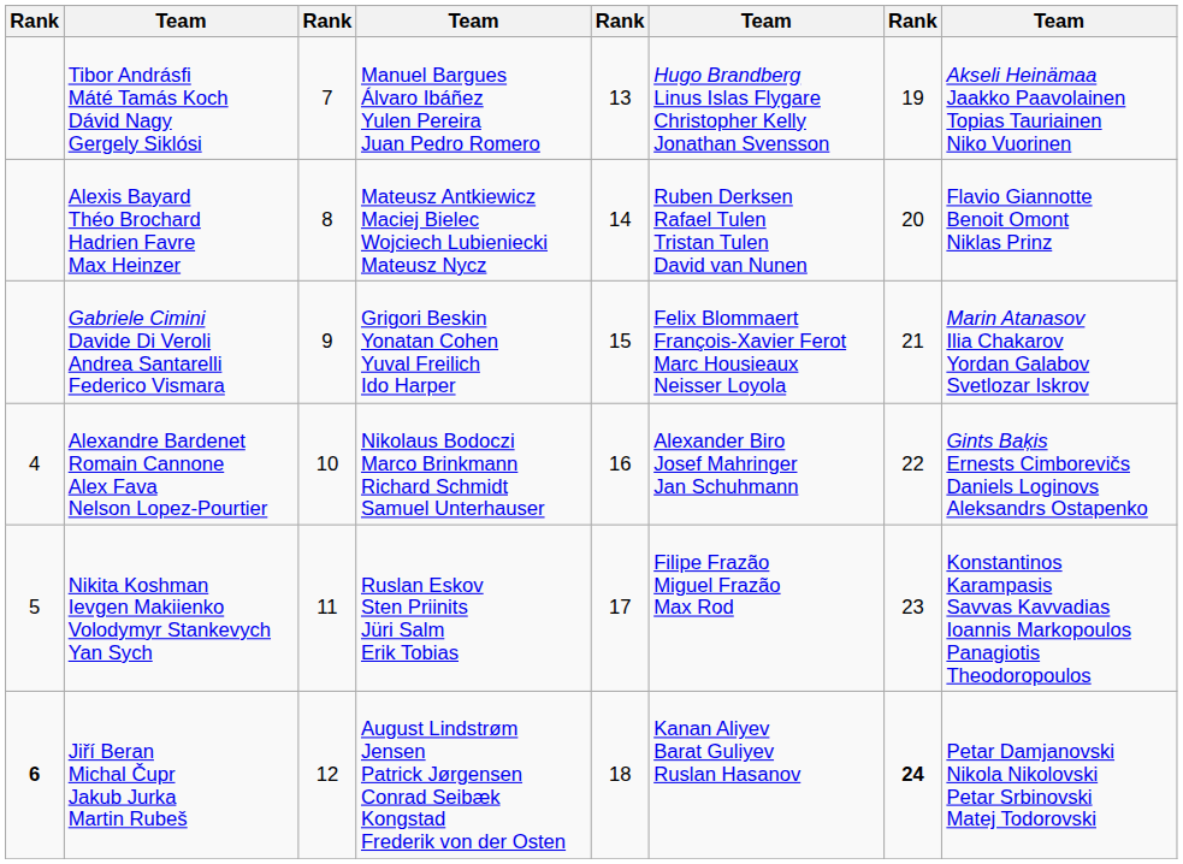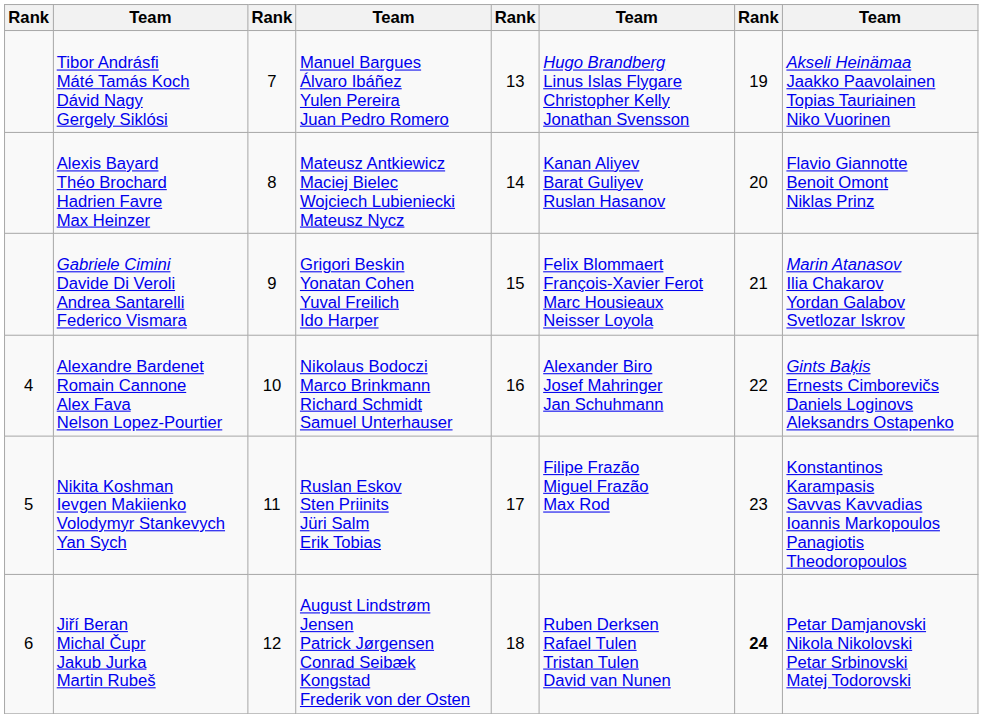 <table class="wikitable" style="text-align: center;">
 <tr>
 <th width=30>Rank</th>
 <th width=180>Team</th>
 <th width=30>Rank</th>
 <th width=180>Team</th>
 <th width=30>Rank</th>
 <th width=180>Team</th>
 <th width=30>Rank</th>
 <th width=180>Team</th>
 </tr>
 <tr>
 <td></td>
 <td align=left><br><a href='#'>Tibor Andrásfi</a><br><a href='#'>Máté Tamás Koch</a><br><a href='#'>Dávid Nagy</a><br><a href='#'>Gergely Siklósi</a></td>
 <td>7</td>
 <td align=left><br><a href='#'>Manuel Bargues</a><br><a href='#'>Álvaro Ibáñez</a><br><a href='#'>Yulen Pereira</a><br><a href='#'>Juan Pedro Romero</a></td>
 <td>13</td>
 <td align=left><br><em><a href='#'>Hugo Brandberg</a></em><br><a href='#'>Linus Islas Flygare</a><br><a href='#'>Christopher Kelly</a><br><a href='#'>Jonathan Svensson</a></td>
 <td>19</td>
 <td align=left><br><em><a href='#'>Akseli Heinämaa</a></em><br><a href='#'>Jaakko Paavolainen</a><br><a href='#'>Topias Tauriainen</a><br><a href='#'>Niko Vuorinen</a></td>
 </tr>
 <tr>
 <td></td>
 <td align=left><br><a href='#'>Alexis Bayard</a><br><a href='#'>Théo Brochard</a><br><a href='#'>Hadrien Favre</a><br><a href='#'>Max Heinzer</a></td>
 <td>8</td>
 <td align=left><br><a href='#'>Mateusz Antkiewicz</a><br><a href='#'>Maciej Bielec</a><br><a href='#'>Wojciech Lubieniecki</a><br><a href='#'>Mateusz Nycz</a></td>
 <td>14</td>
-<td align=left><br><a href='#'>Ruben Derksen</a><br><a href='#'>Rafael Tulen</a><br><a href='#'>Tristan Tulen</a><br><a href='#'>David van Nunen</a></td>
+<td valign=top align=left><br><a href='#'>Kanan Aliyev</a><br><a href='#'>Barat Guliyev</a><br><a href='#'>Ruslan Hasanov</a></td>
 <td>20</td>
 <td valign=top align=left><br><a href='#'>Flavio Giannotte</a><br><a href='#'>Benoit Omont</a><br><a href='#'>Niklas Prinz</a></td>
 </tr>
 <tr>
 <td></td>
 <td align=left><br><em><a href='#'>Gabriele Cimini</a></em><br><a href='#'>Davide Di Veroli</a><br><a href='#'>Andrea Santarelli</a><br><a href='#'>Federico Vismara</a></td>
 <td>9</td>
 <td align=left><br><a href='#'>Grigori Beskin</a><br><a href='#'>Yonatan Cohen</a><br><a href='#'>Yuval Freilich</a><br><a href='#'>Ido Harper</a></td>
 <td>15</td>
 <td align=left><br><a href='#'>Felix Blommaert</a><br><a href='#'>François-Xavier Ferot</a><br><a href='#'>Marc Housieaux</a><br><a href='#'>Neisser Loyola</a></td>
 <td>21</td>
 <td align=left><br><em><a href='#'>Marin Atanasov</a></em><br><a href='#'>Ilia Chakarov</a><br><a href='#'>Yordan Galabov</a><br><a href='#'>Svetlozar Iskrov</a></td>
 </tr>
 <tr>
 <td>4</td>
 <td align=left><br><a href='#'>Alexandre Bardenet</a><br><a href='#'>Romain Cannone</a><br><a href='#'>Alex Fava</a><br><a href='#'>Nelson Lopez-Pourtier</a></td>
 <td>10</td>
 <td align=left><br><a href='#'>Nikolaus Bodoczi</a><br><a href='#'>Marco Brinkmann</a><br><a href='#'>Richard Schmidt</a><br><a href='#'>Samuel Unterhauser</a></td>
 <td>16</td>
 <td valign=top align=left><br><a href='#'>Alexander Biro</a><br><a href='#'>Josef Mahringer</a><br><a href='#'>Jan Schuhmann</a></td>
 <td>22</td>
 <td align=left><br><em><a href='#'>Gints Baķis</a></em><br><a href='#'>Ernests Cimborevičs</a><br><a href='#'>Daniels Loginovs</a><br><a href='#'>Aleksandrs Ostapenko</a></td>
 </tr>
 <tr>
 <td>5</td>
 <td align=left><br><a href='#'>Nikita Koshman</a><br><a href='#'>Ievgen Makiienko</a><br><a href='#'>Volodymyr Stankevych</a><br><a href='#'>Yan Sych</a></td>
 <td>11</td>
 <td align=left><br><a href='#'>Ruslan Eskov</a><br><a href='#'>Sten Priinits</a><br><a href='#'>Jüri Salm</a><br><a href='#'>Erik Tobias</a></td>
 <td>17</td>
 <td valign=top align=left><br><a href='#'>Filipe Frazão</a><br><a href='#'>Miguel Frazão</a><br><a href='#'>Max Rod</a></td>
 <td>23</td>
 <td align=left><br><a href='#'>Konstantinos Karampasis</a><br><a href='#'>Savvas Kavvadias</a><br><a href='#'>Ioannis Markopoulos</a><br><a href='#'>Panagiotis Theodoropoulos</a></td>
 </tr>
 <tr>
-<td><strong>6</strong></td>
+<td>6</td>
 <td align=left><br><a href='#'>Jiří Beran</a><br><a href='#'>Michal Čupr</a><br><a href='#'>Jakub Jurka</a><br><a href='#'>Martin Rubeš</a></td>
 <td>12</td>
 <td align=left><br><a href='#'>August Lindstrøm Jensen</a><br><a href='#'>Patrick Jørgensen</a><br><a href='#'>Conrad Seibæk Kongstad</a><br><a href='#'>Frederik von der Osten</a></td>
 <td>18</td>
-<td valign=top align=left><br><a href='#'>Kanan Aliyev</a><br><a href='#'>Barat Guliyev</a><br><a href='#'>Ruslan Hasanov</a></td>
+<td align=left><br><a href='#'>Ruben Derksen</a><br><a href='#'>Rafael Tulen</a><br><a href='#'>Tristan Tulen</a><br><a href='#'>David van Nunen</a></td>
 <td><strong>24</strong></td>
 <td align=left><br><a href='#'>Petar Damjanovski</a><br><a href='#'>Nikola Nikolovski</a><br><a href='#'>Petar Srbinovski</a><br><a href='#'>Matej Todorovski</a></td>
 </tr>
 </table>
